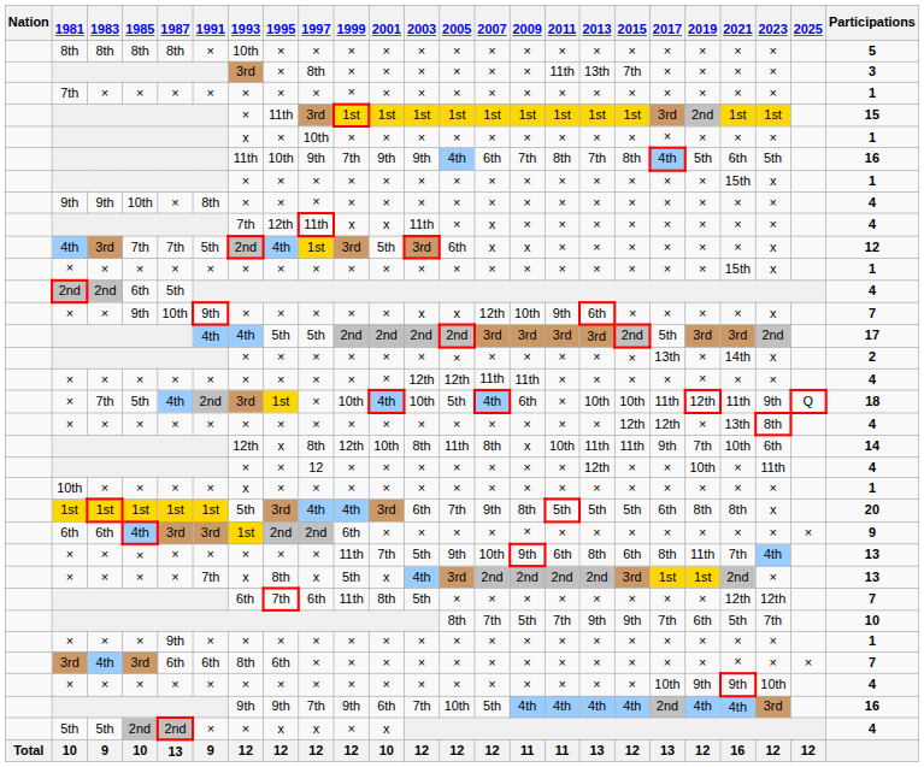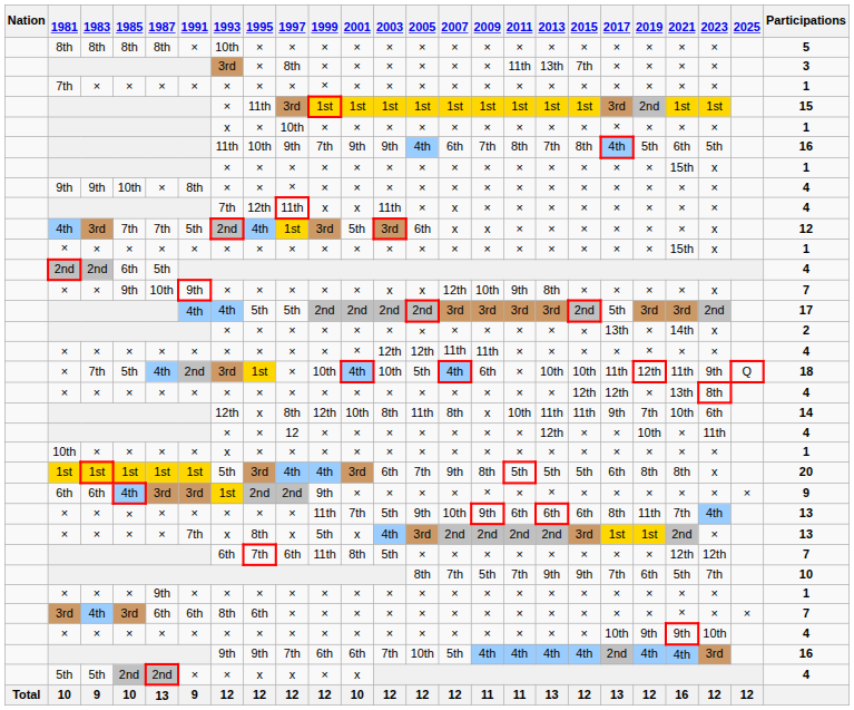 <table class="wikitable" style="text-align:center;">
 <tr>
 <th>Nation</th>
 <th><br><a href='#'>1981</a></th>
 <th><br><a href='#'>1983</a></th>
 <th><br><a href='#'>1985</a></th>
 <th><br><a href='#'>1987</a></th>
 <th><br><a href='#'>1991</a></th>
 <th><br><a href='#'>1993</a></th>
 <th><br><a href='#'>1995</a></th>
 <th><br><a href='#'>1997</a></th>
 <th><br><a href='#'>1999</a></th>
 <th><br><a href='#'>2001</a></th>
 <th><br><a href='#'>2003</a></th>
 <th><br><a href='#'>2005</a></th>
 <th><br><a href='#'>2007</a></th>
 <th><br><a href='#'>2009</a></th>
 <th><br><a href='#'>2011</a></th>
 <th><br><a href='#'>2013</a></th>
 <th><br><a href='#'>2015</a></th>
 <th><br><a href='#'>2017</a></th>
 <th><br><a href='#'>2019</a></th>
 <th><br><a href='#'>2021</a></th>
 <th><br><a href='#'>2023</a></th>
 <th><br><a href='#'>2025</a></th>
 <th>Participations</th>
 </tr>
 <tr>
 <td align=left></td>
 <td>8th</td>
 <td>8th</td>
 <td>8th</td>
 <td>8th</td>
 <td>×</td>
 <td>10th</td>
 <td>×</td>
 <td>×</td>
 <td>×</td>
 <td>×</td>
 <td>×</td>
 <td>×</td>
 <td>×</td>
 <td>×</td>
 <td>×</td>
 <td>×</td>
 <td>×</td>
 <td>×</td>
 <td>×</td>
 <td>×</td>
 <td>×</td>
 <td></td>
 <td><strong>5</strong></td>
 </tr>
 <tr>
 <td align=left></td>
 <td colspan=5 bgcolor=f0f0f0></td>
 <td bgcolor=#cc9966>3rd</td>
 <td>×</td>
 <td>8th</td>
 <td>×</td>
 <td>×</td>
 <td>×</td>
 <td>×</td>
 <td>×</td>
 <td>×</td>
 <td>11th</td>
 <td>13th</td>
 <td>7th</td>
 <td>×</td>
 <td>×</td>
 <td>×</td>
 <td>×</td>
 <td></td>
 <td><strong>3</strong></td>
 </tr>
 <tr>
 <td align=left></td>
 <td>7th</td>
 <td>×</td>
 <td>×</td>
 <td>×</td>
 <td>×</td>
 <td>×</td>
 <td>×</td>
 <td>×</td>
 <td>×</td>
 <td>×</td>
 <td>×</td>
 <td>×</td>
 <td>×</td>
 <td>×</td>
 <td>×</td>
 <td>×</td>
 <td>×</td>
 <td>×</td>
 <td>×</td>
 <td>×</td>
 <td>×</td>
 <td></td>
 <td><strong>1</strong></td>
 </tr>
 <tr>
 <td align=left></td>
 <td colspan=5 bgcolor=f0f0f0></td>
 <td>×</td>
 <td>11th</td>
 <td bgcolor=#cc9966>3rd</td>
 <td style="border:3px solid red" bgcolor=gold>1st</td>
 <td bgcolor=gold>1st</td>
 <td bgcolor=gold>1st</td>
 <td bgcolor=gold>1st</td>
 <td bgcolor=gold>1st</td>
 <td bgcolor=gold>1st</td>
 <td bgcolor=gold>1st</td>
 <td bgcolor=gold>1st</td>
 <td bgcolor=gold>1st</td>
 <td bgcolor=#cc9966>3rd</td>
 <td bgcolor=silver>2nd</td>
 <td bgcolor=gold>1st</td>
 <td bgcolor=gold>1st</td>
 <td></td>
 <td><strong>15</strong></td>
 </tr>
 <tr>
 <td align=left></td>
 <td colspan=5 bgcolor=f0f0f0></td>
 <td>x</td>
 <td>×</td>
 <td>10th</td>
 <td>×</td>
 <td>×</td>
 <td>×</td>
 <td>×</td>
 <td>×</td>
 <td>×</td>
 <td>×</td>
 <td>×</td>
 <td>×</td>
 <td>×</td>
 <td>×</td>
 <td>×</td>
 <td>×</td>
 <td></td>
 <td><strong>1</strong></td>
 </tr>
 <tr>
 <td align=left></td>
 <td colspan=5 bgcolor=f0f0f0></td>
 <td>11th</td>
 <td>10th</td>
 <td>9th</td>
 <td>7th</td>
 <td>9th</td>
 <td>9th</td>
 <td bgcolor=#9acdff>4th</td>
 <td>6th</td>
 <td>7th</td>
 <td>8th</td>
 <td>7th</td>
 <td>8th</td>
 <td style="border:3px solid red" bgcolor=#9acdff>4th</td>
 <td>5th</td>
 <td>6th</td>
 <td>5th</td>
 <td></td>
 <td><strong>16</strong></td>
 </tr>
 <tr>
 <td align=left></td>
 <td colspan=5 bgcolor=f0f0f0></td>
 <td>×</td>
 <td>×</td>
 <td>×</td>
 <td>×</td>
 <td>×</td>
 <td>×</td>
 <td>×</td>
 <td>×</td>
 <td>×</td>
 <td>×</td>
 <td>×</td>
 <td>×</td>
 <td>×</td>
 <td>×</td>
 <td>15th</td>
 <td>x</td>
 <td></td>
 <td><strong>1</strong></td>
 </tr>
 <tr>
 <td align=left></td>
 <td>9th</td>
 <td>9th</td>
 <td>10th</td>
 <td>×</td>
 <td>8th</td>
 <td>×</td>
 <td>×</td>
 <td>×</td>
 <td>×</td>
 <td>×</td>
 <td>×</td>
 <td>×</td>
 <td>×</td>
 <td>×</td>
 <td>×</td>
 <td>×</td>
 <td>×</td>
 <td>×</td>
 <td>×</td>
 <td>×</td>
 <td>×</td>
 <td></td>
 <td><strong>4</strong></td>
 </tr>
 <tr>
 <td align=left></td>
 <td colspan=5 bgcolor=f0f0f0></td>
 <td>7th</td>
 <td>12th</td>
 <td style="border:3px solid red">11th</td>
 <td>x</td>
 <td>x</td>
 <td>11th</td>
 <td>×</td>
 <td>x</td>
 <td>×</td>
 <td>×</td>
 <td>×</td>
 <td>×</td>
 <td>×</td>
 <td>×</td>
 <td>×</td>
 <td>×</td>
 <td></td>
 <td><strong>4</strong></td>
 </tr>
 <tr>
 <td align=left></td>
 <td bgcolor=#9acdff>4th</td>
 <td bgcolor=#cc9966>3rd</td>
 <td>7th</td>
 <td>7th</td>
 <td>5th</td>
 <td style="border:3px solid red" bgcolor=silver>2nd</td>
 <td bgcolor=#9acdff>4th</td>
 <td bgcolor=gold>1st</td>
 <td bgcolor=#cc9966>3rd</td>
 <td>5th</td>
 <td style="border:3px solid red" bgcolor=#cc9966>3rd</td>
 <td>6th</td>
 <td>x</td>
 <td>x</td>
 <td>×</td>
 <td>×</td>
 <td>×</td>
 <td>×</td>
 <td>×</td>
 <td>×</td>
 <td>x</td>
 <td></td>
 <td><strong>12</strong></td>
 </tr>
 <tr>
 <td align=left></td>
 <td>×</td>
 <td>×</td>
 <td>×</td>
 <td>×</td>
 <td>×</td>
 <td>×</td>
 <td>×</td>
 <td>×</td>
 <td>×</td>
 <td>×</td>
 <td>×</td>
 <td>×</td>
 <td>×</td>
 <td>×</td>
 <td>×</td>
 <td>×</td>
 <td>×</td>
 <td>×</td>
 <td>×</td>
 <td>15th</td>
 <td>x</td>
 <td></td>
 <td><strong>1</strong></td>
 </tr>
 <tr>
 <td align=left></td>
 <td style="border:3px solid red" bgcolor=silver>2nd</td>
 <td bgcolor=silver>2nd</td>
 <td>6th</td>
 <td>5th</td>
 <td colspan=18 bgcolor=f0f0f0></td>
 <td><strong>4</strong></td>
 </tr>
 <tr>
 <td align=left></td>
 <td>×</td>
 <td>×</td>
 <td>9th</td>
 <td>10th</td>
 <td style="border:3px solid red">9th</td>
 <td>×</td>
 <td>×</td>
 <td>×</td>
 <td>×</td>
 <td>×</td>
 <td>x</td>
 <td>x</td>
 <td>12th</td>
 <td>10th</td>
 <td>9th</td>
-<td style="border:3px solid red">6th</td>
+<td>8th</td>
 <td>×</td>
 <td>×</td>
 <td>×</td>
 <td>×</td>
 <td>x</td>
 <td></td>
 <td><strong>7</strong></td>
 </tr>
 <tr>
 <td align=left></td>
 <td colspan=4 bgcolor=f0f0f0></td>
 <td bgcolor=#9acdff>4th</td>
 <td bgcolor=#9acdff>4th</td>
 <td>5th</td>
 <td>5th</td>
 <td bgcolor=silver>2nd</td>
 <td bgcolor=silver>2nd</td>
 <td bgcolor=silver>2nd</td>
 <td style="border:3px solid red" bgcolor=silver>2nd</td>
 <td bgcolor=#cc9966>3rd</td>
 <td bgcolor=#cc9966>3rd</td>
 <td bgcolor=#cc9966>3rd</td>
 <td bgcolor=#cc9966>3rd</td>
 <td style="border:3px solid red" bgcolor=silver>2nd</td>
 <td>5th</td>
 <td bgcolor=#cc9966>3rd</td>
 <td bgcolor=#cc9966>3rd</td>
 <td bgcolor=silver>2nd</td>
 <td></td>
 <td><strong>17</strong></td>
 </tr>
 <tr>
 <td align=left></td>
 <td colspan=5 bgcolor=f0f0f0></td>
 <td>×</td>
 <td>×</td>
 <td>×</td>
 <td>×</td>
 <td>×</td>
 <td>×</td>
 <td>×</td>
 <td>×</td>
 <td>×</td>
 <td>×</td>
 <td>×</td>
 <td>×</td>
 <td>13th</td>
 <td>×</td>
 <td>14th</td>
 <td>x</td>
 <td></td>
 <td><strong>2</strong></td>
 </tr>
 <tr>
 <td align=left></td>
 <td>×</td>
 <td>×</td>
 <td>×</td>
 <td>×</td>
 <td>×</td>
 <td>×</td>
 <td>×</td>
 <td>×</td>
 <td>×</td>
 <td>×</td>
 <td>12th</td>
 <td>12th</td>
 <td>11th</td>
 <td>11th</td>
 <td>×</td>
 <td>×</td>
 <td>×</td>
 <td>×</td>
 <td>×</td>
 <td>×</td>
 <td>×</td>
 <td></td>
 <td><strong>4</strong></td>
 </tr>
 <tr>
 <td align=left></td>
 <td>×</td>
 <td>7th</td>
 <td>5th</td>
 <td bgcolor=#9acdff>4th</td>
 <td bgcolor=silver>2nd</td>
 <td bgcolor=#cc9966>3rd</td>
 <td bgcolor=gold>1st</td>
 <td>×</td>
 <td>10th</td>
 <td style="border:3px solid red" bgcolor=#9acdff>4th</td>
 <td>10th</td>
 <td>5th</td>
 <td style="border:3px solid red" bgcolor=#9acdff>4th</td>
 <td>6th</td>
 <td>×</td>
 <td>10th</td>
 <td>10th</td>
 <td>11th</td>
 <td style="border:3px solid red">12th</td>
 <td>11th</td>
 <td>9th</td>
 <td style="border:3px solid red">Q</td>
 <td><strong>18</strong></td>
 </tr>
 <tr>
 <td align=left></td>
 <td>×</td>
 <td>×</td>
 <td>×</td>
 <td>×</td>
 <td>×</td>
 <td>×</td>
 <td>×</td>
 <td>×</td>
 <td>×</td>
 <td>×</td>
 <td>×</td>
 <td>×</td>
 <td>×</td>
 <td>×</td>
 <td>×</td>
 <td>×</td>
 <td>12th</td>
 <td>12th</td>
 <td>×</td>
 <td>13th</td>
 <td style="border:3px solid red">8th</td>
 <td></td>
 <td><strong>4</strong></td>
 </tr>
 <tr>
 <td align=left></td>
 <td colspan=5 bgcolor=f0f0f0></td>
 <td>12th</td>
 <td>x</td>
 <td>8th</td>
 <td>12th</td>
 <td>10th</td>
 <td>8th</td>
 <td>11th</td>
 <td>8th</td>
 <td>x</td>
 <td>10th</td>
 <td>11th</td>
 <td>11th</td>
 <td>9th</td>
 <td>7th</td>
 <td>10th</td>
 <td>6th</td>
 <td></td>
 <td><strong>14</strong></td>
 </tr>
 <tr>
 <td align=left></td>
 <td colspan=5 bgcolor=f0f0f0></td>
 <td>×</td>
 <td>×</td>
 <td>12</td>
 <td>×</td>
 <td>×</td>
 <td>×</td>
 <td>×</td>
 <td>×</td>
 <td>×</td>
 <td>×</td>
 <td>12th</td>
 <td>×</td>
 <td>×</td>
 <td>10th</td>
 <td>×</td>
 <td>11th</td>
 <td></td>
 <td><strong>4</strong></td>
 </tr>
 <tr>
 <td align=left></td>
 <td>10th</td>
 <td>×</td>
 <td>×</td>
 <td>×</td>
 <td>×</td>
 <td>x</td>
 <td>×</td>
 <td>×</td>
 <td>×</td>
 <td>×</td>
 <td>×</td>
 <td>×</td>
 <td>×</td>
 <td>×</td>
 <td>×</td>
 <td>×</td>
 <td>×</td>
 <td>×</td>
 <td>×</td>
 <td>×</td>
 <td>×</td>
 <td></td>
 <td><strong>1</strong></td>
 </tr>
 <tr>
 <td align=left></td>
 <td bgcolor=gold>1st</td>
 <td style="border:3px solid red" bgcolor=gold>1st</td>
 <td bgcolor=gold>1st</td>
 <td bgcolor=gold>1st</td>
 <td bgcolor=gold>1st</td>
 <td>5th</td>
 <td bgcolor=#cc9966>3rd</td>
 <td bgcolor=#9acdff>4th</td>
 <td bgcolor=#9acdff>4th</td>
 <td bgcolor=#cc9966>3rd</td>
 <td>6th</td>
 <td>7th</td>
 <td>9th</td>
 <td>8th</td>
 <td style="border:3px solid red">5th</td>
 <td>5th</td>
 <td>5th</td>
 <td>6th</td>
 <td>8th</td>
 <td>8th</td>
 <td>x</td>
 <td></td>
 <td><strong>20</strong></td>
 </tr>
 <tr>
 <td align=left></td>
 <td>6th</td>
 <td>6th</td>
 <td style="border:3px solid red" bgcolor=#9acdff>4th</td>
 <td bgcolor=#cc9966>3rd</td>
 <td bgcolor=#cc9966>3rd</td>
 <td bgcolor=gold>1st</td>
 <td bgcolor=silver>2nd</td>
 <td bgcolor=silver>2nd</td>
-<td>6th</td>
+<td>9th</td>
 <td>×</td>
 <td>×</td>
 <td>×</td>
 <td>×</td>
 <td>×</td>
 <td>×</td>
 <td>×</td>
 <td>×</td>
 <td>×</td>
 <td>×</td>
 <td>×</td>
 <td>×</td>
 <td>×</td>
 <td><strong>9</strong></td>
 </tr>
 <tr>
 <td align=left></td>
 <td>×</td>
 <td>×</td>
 <td>×</td>
 <td>×</td>
 <td>×</td>
 <td>×</td>
 <td>×</td>
 <td>×</td>
 <td>11th</td>
 <td>7th</td>
 <td>5th</td>
 <td>9th</td>
 <td>10th</td>
 <td style="border:3px solid red">9th</td>
 <td>6th</td>
-<td>8th</td>
+<td style="border:3px solid red">6th</td>
 <td>6th</td>
 <td>8th</td>
 <td>11th</td>
 <td>7th</td>
 <td bgcolor=#9acdff>4th</td>
 <td></td>
 <td><strong>13</strong></td>
 </tr>
 <tr>
 <td align=left></td>
 <td>×</td>
 <td>×</td>
 <td>×</td>
 <td>×</td>
 <td>7th</td>
 <td>x</td>
 <td>8th</td>
 <td>x</td>
 <td>5th</td>
 <td>x</td>
 <td bgcolor=#9acdff>4th</td>
 <td bgcolor=#cc9966>3rd</td>
 <td bgcolor=silver>2nd</td>
 <td bgcolor=silver>2nd</td>
 <td bgcolor=silver>2nd</td>
 <td bgcolor=silver>2nd</td>
 <td bgcolor=#cc9966>3rd</td>
 <td bgcolor=gold>1st</td>
 <td bgcolor=gold>1st</td>
 <td bgcolor=silver>2nd</td>
 <td>×</td>
 <td></td>
 <td><strong>13</strong></td>
 </tr>
 <tr>
 <td align=left></td>
 <td colspan=5 bgcolor=f0f0f0></td>
 <td>6th</td>
 <td style="border:3px solid red">7th</td>
 <td>6th</td>
 <td>11th</td>
 <td>8th</td>
 <td>5th</td>
 <td>×</td>
 <td>×</td>
 <td>×</td>
 <td>×</td>
 <td>×</td>
 <td>×</td>
 <td>×</td>
 <td>×</td>
 <td>12th</td>
 <td>12th</td>
 <td></td>
 <td><strong>7</strong></td>
 </tr>
 <tr>
 <td align=left></td>
 <td colspan=11 bgcolor=f0f0f0></td>
 <td>8th</td>
 <td>7th</td>
 <td>5th</td>
 <td>7th</td>
 <td>9th</td>
 <td>9th</td>
 <td>7th</td>
 <td>6th</td>
 <td>5th</td>
 <td>7th</td>
 <td></td>
 <td><strong>10</strong></td>
 </tr>
 <tr>
 <td align=left></td>
 <td>×</td>
 <td>×</td>
 <td>×</td>
 <td>9th</td>
 <td>×</td>
 <td>×</td>
 <td>×</td>
 <td>×</td>
 <td>×</td>
 <td>×</td>
 <td>×</td>
 <td>×</td>
 <td>×</td>
 <td>×</td>
 <td>×</td>
 <td>×</td>
 <td>×</td>
 <td>×</td>
 <td>×</td>
 <td>×</td>
 <td>×</td>
 <td></td>
 <td><strong>1</strong></td>
 </tr>
 <tr>
 <td align=left></td>
 <td bgcolor=#cc9966>3rd</td>
 <td bgcolor=#9acdff>4th</td>
 <td bgcolor=#cc9966>3rd</td>
 <td>6th</td>
 <td>6th</td>
 <td>8th</td>
 <td>6th</td>
 <td>×</td>
 <td>×</td>
 <td>×</td>
 <td>×</td>
 <td>×</td>
 <td>×</td>
 <td>×</td>
 <td>×</td>
 <td>×</td>
 <td>×</td>
 <td>×</td>
 <td>×</td>
 <td>×</td>
 <td>×</td>
 <td>×</td>
 <td><strong>7</strong></td>
 </tr>
 <tr>
 <td align=left></td>
 <td>×</td>
 <td>×</td>
 <td>×</td>
 <td>×</td>
 <td>×</td>
 <td>×</td>
 <td>×</td>
 <td>×</td>
 <td>×</td>
 <td>×</td>
 <td>×</td>
 <td>×</td>
 <td>×</td>
 <td>×</td>
 <td>×</td>
 <td>×</td>
 <td>×</td>
 <td>10th</td>
 <td>9th</td>
 <td style="border:3px solid red">9th</td>
 <td>10th</td>
 <td></td>
 <td><strong>4</strong></td>
 </tr>
 <tr>
 <td align=left></td>
 <td colspan=5 bgcolor=f0f0f0></td>
 <td>9th</td>
 <td>9th</td>
 <td>7th</td>
-<td>9th</td>
+<td>6th</td>
 <td>6th</td>
 <td>7th</td>
 <td>10th</td>
 <td>5th</td>
 <td bgcolor=#9acdff>4th</td>
 <td bgcolor=#9acdff>4th</td>
 <td bgcolor=#9acdff>4th</td>
 <td bgcolor=#9acdff>4th</td>
 <td bgcolor=silver>2nd</td>
 <td bgcolor=#9acdff>4th</td>
 <td bgcolor=#9acdff>4th</td>
 <td bgcolor=#cc9966>3rd</td>
 <td></td>
 <td><strong>16</strong></td>
 </tr>
 <tr>
 <td align=left></td>
 <td>5th</td>
 <td>5th</td>
 <td bgcolor=silver>2nd</td>
 <td style="border:3px solid red" bgcolor=silver>2nd</td>
 <td>×</td>
 <td>×</td>
 <td>x</td>
 <td>x</td>
 <td>×</td>
 <td>x</td>
 <td colspan=12 bgcolor=f0f0f0></td>
 <td><strong>4</strong></td>
 </tr>
 <tr>
 <th>Total</th>
 <th>10</th>
 <th>9</th>
 <th>10</th>
 <th>13</th>
 <th>9</th>
 <th>12</th>
 <th>12</th>
 <th>12</th>
 <th>12</th>
 <th>10</th>
 <th>12</th>
 <th>12</th>
 <th>12</th>
 <th>11</th>
 <th>11</th>
 <th>13</th>
 <th>12</th>
 <th>13</th>
 <th>12</th>
 <th>16</th>
 <th>12</th>
 <th>12</th>
 <th></th>
 </tr>
 </table>
